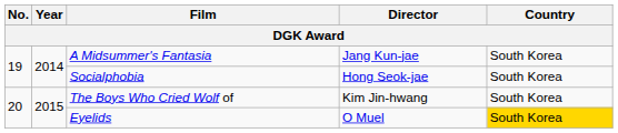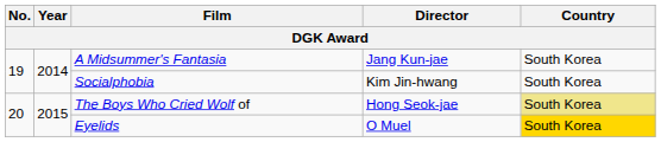 <table class=wikitable style="width:750px">
 <tr>
 <th width=10>No.</th>
 <th width=10>Year</th>
 <th>Film</th>
 <th>Director</th>
 <th>Country</th>
 </tr>
 <tr>
 <th colspan=5>DGK Award</th>
 </tr>
 <tr>
 <td rowspan=2>19</td>
 <td rowspan=2>2014</td>
 <td><em><a href='#'>A Midsummer's Fantasia</a></em></td>
 <td><a href='#'>Jang Kun-jae</a></td>
 <td>South Korea</td>
 </tr>
 <tr>
 <td><em><a href='#'>Socialphobia</a></em></td>
-<td><a href='#'>Hong Seok-jae</a></td>
+<td>Kim Jin-hwang</td>
 <td>South Korea</td>
 </tr>
 <tr>
 <td rowspan=2>20</td>
 <td rowspan=2>2015</td>
 <td><em><a href='#'>The Boys Who Cried Wolf</a></em> of</td>
-<td>Kim Jin-hwang</td>
-<td>South Korea</td>
+<td><a href='#'>Hong Seok-jae</a></td>
+<td style="background: khaki;">South Korea</td>
 </tr>
 <tr>
 <td><em><a href='#'>Eyelids</a></em></td>
 <td><a href='#'>O Muel</a></td>
 <td style="background: gold;">South Korea</td>
 </tr>
 </table>
